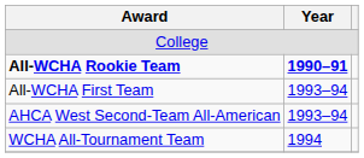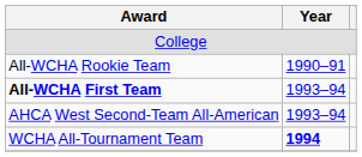 <table class="wikitable">
 <tr>
 <th>Award</th>
 <th>Year</th>
 <th></th>
 </tr>
 <tr ALIGN="center" bgcolor="#e0e0e0">
 <td colspan="3"><a href='#'>College</a></td>
 </tr>
 <tr>
-<td><strong>All-<a href='#'>WCHA</a> <a href='#'>Rookie Team</a></strong></td>
-<td><strong><a href='#'>1990–91</a></strong></td>
+<td>All-<a href='#'>WCHA</a> <a href='#'>Rookie Team</a></td>
+<td><a href='#'>1990–91</a></td>
 <td></td>
 </tr>
 <tr>
-<td>All-<a href='#'>WCHA</a> <a href='#'>First Team</a></td>
+<td><strong>All-<a href='#'>WCHA</a> <a href='#'>First Team</a></strong></td>
 <td><a href='#'>1993–94</a></td>
 <td></td>
 </tr>
 <tr>
 <td><a href='#'>AHCA</a> <a href='#'>West Second-Team All-American</a></td>
 <td><a href='#'>1993–94</a></td>
 <td></td>
 </tr>
 <tr>
 <td><a href='#'>WCHA</a> <a href='#'>All-Tournament Team</a></td>
-<td><a href='#'>1994</a></td>
+<td><strong><a href='#'>1994</a></strong></td>
 <td></td>
 </tr>
 <tr>
 </tr>
 </table>
